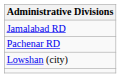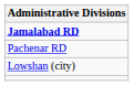 <table class="wikitable">
 <tr>
 <th>Administrative Divisions</th>
 </tr>
 <tr>
-<td><a href='#'>Jamalabad RD</a></td>
+<td><strong><a href='#'>Jamalabad RD</a></strong></td>
 </tr>
 <tr>
 <td><a href='#'>Pachenar RD</a></td>
 </tr>
 <tr>
 <td><a href='#'>Lowshan</a> (city)</td>
 </tr>
 <tr>
 <td colspan=1></td>
 </tr>
 </table>
